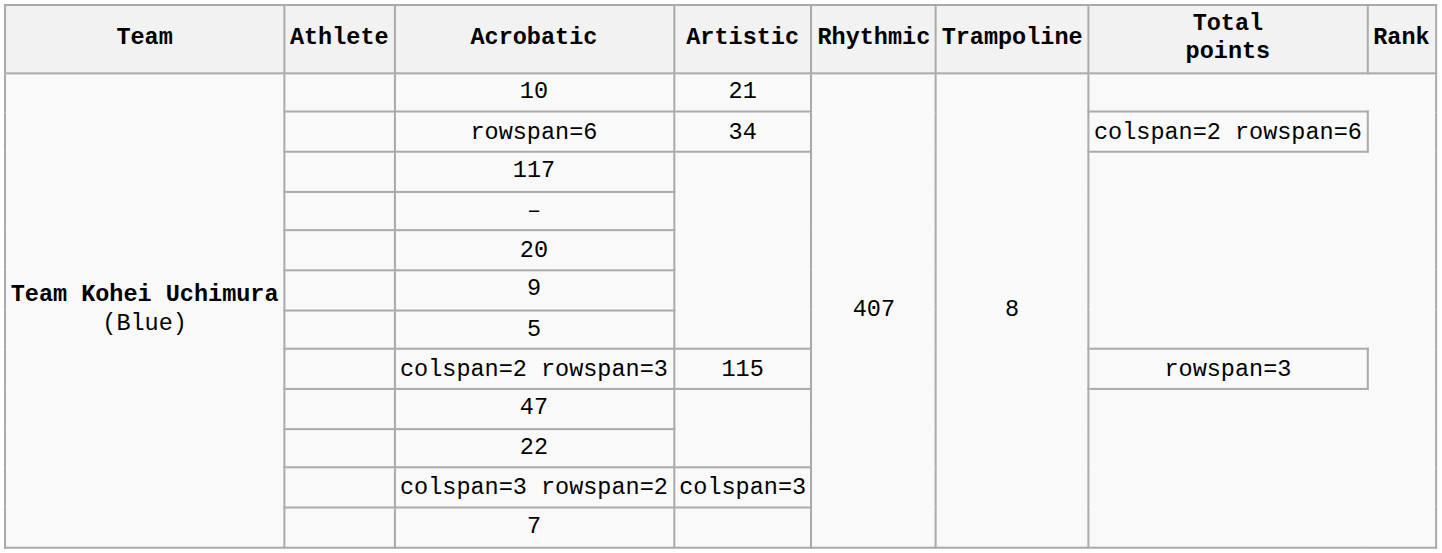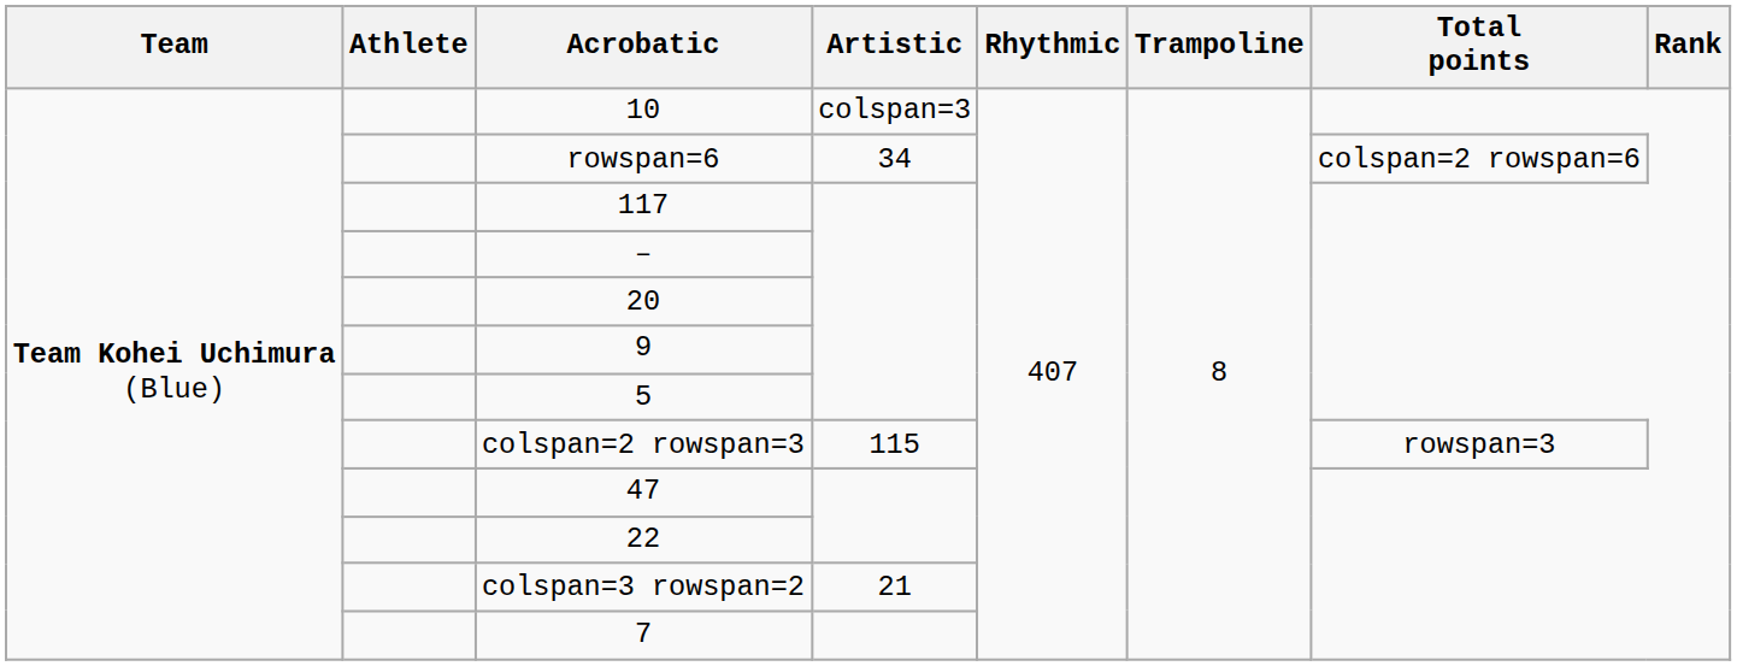 <table class="wikitable" style="text-align:center;font-size:90%">
 <tr>
 <th>Team</th>
 <th>Athlete</th>
 <th>Acrobatic</th>
 <th>Artistic</th>
 <th>Rhythmic</th>
 <th>Trampoline</th>
 <th>Total<br>points</th>
 <th>Rank</th>
 </tr>
 <tr>
 <td rowspan=12><strong>Team Kohei Uchimura</strong><br>(Blue)</td>
 <td align=left><br></td>
 <td>10</td>
-<td>21</td>
+<td>colspan=3 </td>
 <td rowspan=12>407</td>
 <td rowspan=12>8</td>
 </tr>
 <tr align=center>
 <td align=left></td>
 <td>rowspan=6 </td>
 <td>34</td>
 <td>colspan=2 rowspan=6 </td>
 </tr>
 <tr align=center>
 <td align=left></td>
 <td>117</td>
 </tr>
 <tr align=center>
 <td align=left></td>
 <td>–</td>
 </tr>
 <tr align=center>
 <td align=left></td>
 <td>20</td>
 </tr>
 <tr align=center>
 <td align=left></td>
 <td>9</td>
 </tr>
 <tr align=center>
 <td align=left></td>
 <td>5</td>
 </tr>
 <tr align=center>
 <td align=left></td>
 <td>colspan=2 rowspan=3 </td>
 <td>115</td>
 <td>rowspan=3 </td>
 </tr>
 <tr align=center>
 <td align=left></td>
 <td>47</td>
 </tr>
 <tr align=center>
 <td align=left></td>
 <td>22</td>
 </tr>
 <tr align=center>
 <td align=left></td>
 <td>colspan=3 rowspan=2 </td>
-<td>colspan=3 </td>
+<td>21</td>
 </tr>
 <tr align=center>
 <td align=left></td>
 <td>7</td>
 </tr>
 </table>
